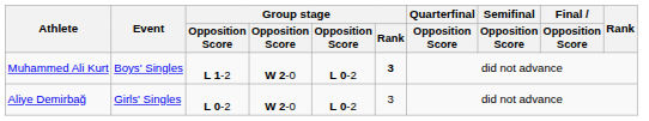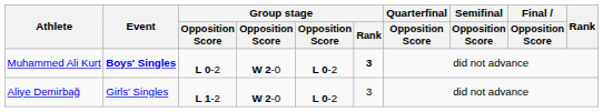 <table class="wikitable" style="font-size:90%">
 <tr>
 <th rowspan=2>Athlete</th>
 <th rowspan=2>Event</th>
 <th colspan=4>Group stage</th>
 <th>Quarterfinal</th>
 <th>Semifinal</th>
 <th>Final / </th>
 <th rowspan=2>Rank</th>
 </tr>
 <tr style="font-size:95%">
 <th>Opposition<br>Score</th>
 <th>Opposition<br>Score</th>
 <th>Opposition<br>Score</th>
 <th>Rank</th>
 <th>Opposition<br>Score</th>
 <th>Opposition<br>Score</th>
 <th>Opposition<br>Score</th>
 </tr>
 <tr align=center>
 <td align=left><a href='#'>Muhammed Ali Kurt</a></td>
-<td align=left><a href='#'>Boys' Singles</a></td>
-<td> <br> <strong>L</strong> <strong>1</strong>-2</td>
+<td align=left><strong><a href='#'>Boys' Singles</a></strong></td>
+<td> <br> <strong>L</strong> <strong>0</strong>-2</td>
 <td> <br> <strong>W</strong> <strong>2</strong>-0</td>
 <td> <br> <strong>L</strong> <strong>0</strong>-2</td>
 <td><strong>3</strong></td>
 <td colspan=4>did not advance</td>
 </tr>
 <tr align=center>
 <td align=left><a href='#'>Aliye Demirbağ</a></td>
 <td align=left><a href='#'>Girls' Singles</a></td>
-<td> <br> <strong>L</strong> <strong>0</strong>-2</td>
+<td> <br> <strong>L</strong> <strong>1</strong>-2</td>
 <td> <br> <strong>W</strong> <strong>2</strong>-0</td>
 <td> <br> <strong>L</strong> <strong>0</strong>-2</td>
 <td>3</td>
 <td colspan=4>did not advance</td>
 </tr>
 </table>
